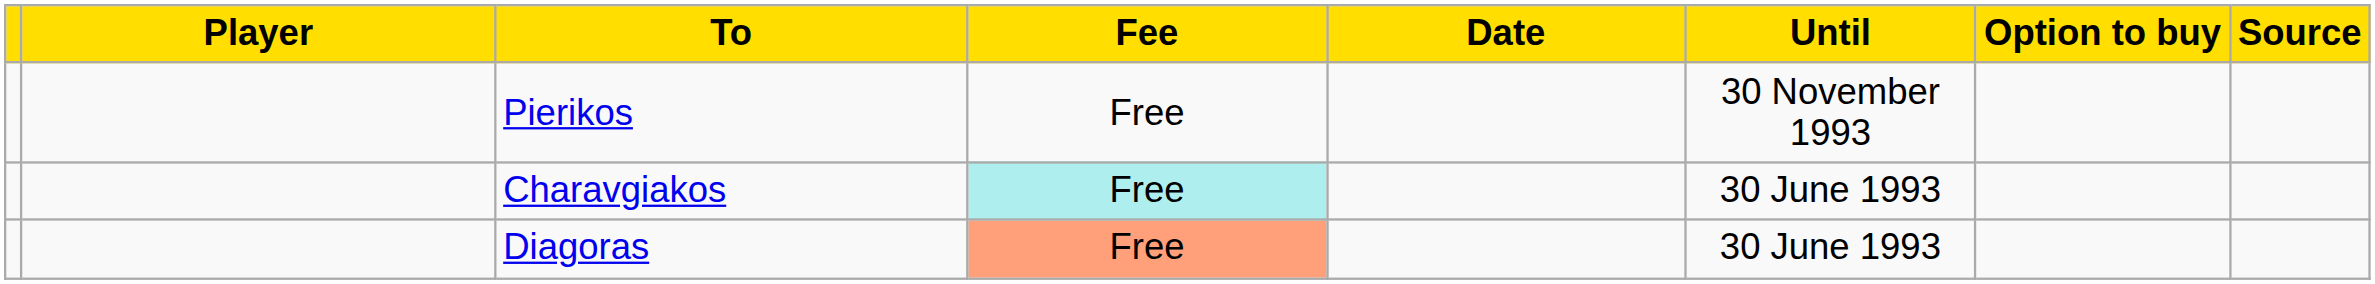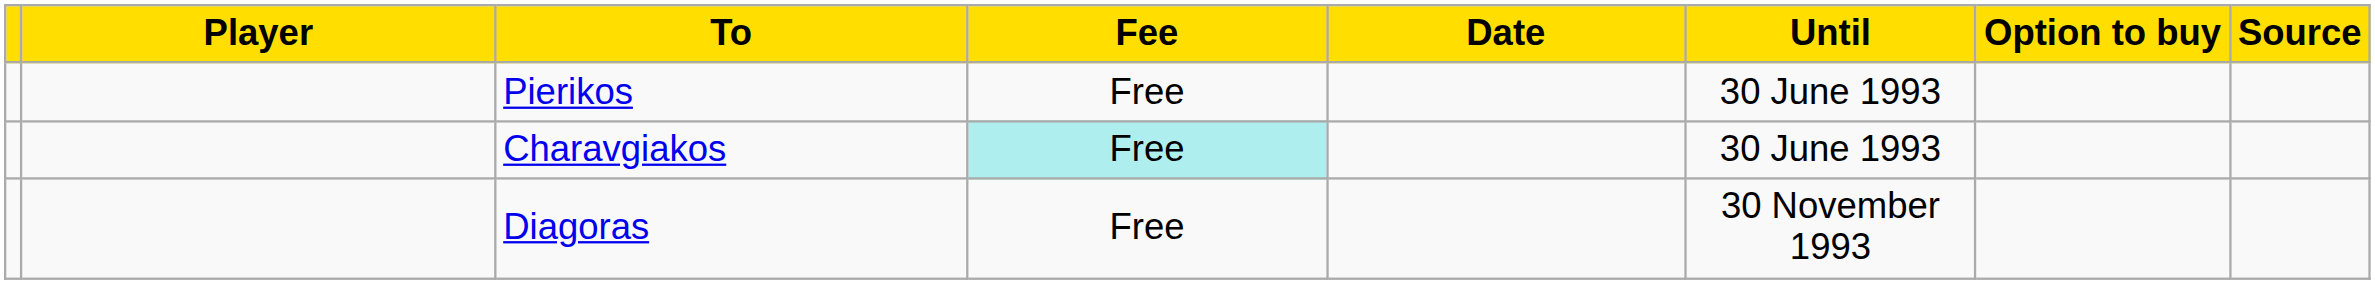 <table class="wikitable sortable">
 <tr>
 <th style="background:#FFDE00"></th>
 <th width=200 style="background:#FFDE00">Player</th>
 <th width=200 style="background:#FFDE00">To</th>
 <th width=150 style="background:#FFDE00">Fee</th>
 <th width=150 style="background:#FFDE00">Date</th>
 <th width=120 style="background:#FFDE00">Until</th>
 <th style="background:#FFDE00">Option to buy</th>
 <th style="background:#FFDE00">Source</th>
 </tr>
 <tr>
 <td align=center></td>
 <td></td>
 <td> <a href='#'>Pierikos</a></td>
 <td align=center>Free</td>
 <td align=center></td>
-<td align=center>30 November 1993</td>
+<td align=center>30 June 1993</td>
 <td align=center></td>
 <td align=center></td>
 </tr>
 <tr>
 <td align=center></td>
 <td></td>
 <td> <a href='#'>Charavgiakos</a></td>
 <td align=center style="background: paleturquoise;">Free</td>
 <td align=center></td>
 <td align=center>30 June 1993</td>
 <td align=center></td>
 <td align=center></td>
 </tr>
 <tr>
 <td align=center></td>
 <td></td>
 <td> <a href='#'>Diagoras</a></td>
-<td align=center style="background: lightsalmon;">Free</td>
+<td align=center>Free</td>
 <td align=center></td>
-<td align=center>30 June 1993</td>
+<td align=center>30 November 1993</td>
 <td align=center></td>
 <td align=center></td>
 </tr>
 </table>
